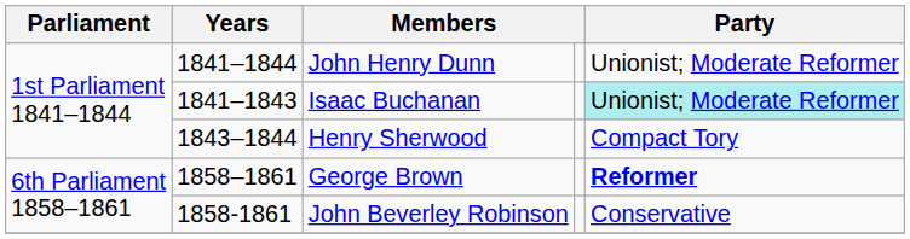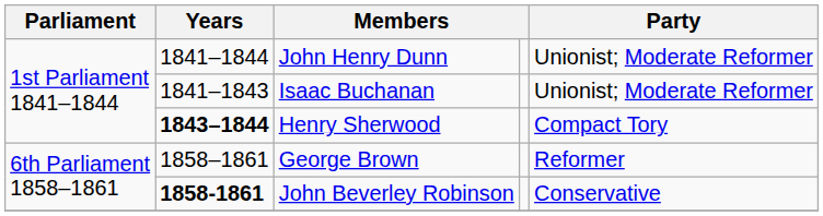 <table class="wikitable">
 <tr>
 <th>Parliament</th>
 <th>Years</th>
 <th colspan="2">Members</th>
 <th>Party</th>
 </tr>
 <tr>
 <td rowspan="3"><a href='#'>1st Parliament</a><br>1841–1844</td>
 <td>1841–1844</td>
 <td><a href='#'>John Henry Dunn</a></td>
 <td></td>
 <td>Unionist;  <a href='#'>Moderate Reformer</a></td>
 </tr>
 <tr>
 <td>1841–1843</td>
 <td><a href='#'>Isaac Buchanan</a></td>
 <td></td>
-<td style="background: paleturquoise;">Unionist;  <a href='#'>Moderate Reformer</a></td>
+<td>Unionist;  <a href='#'>Moderate Reformer</a></td>
 </tr>
 <tr>
-<td>1843–1844</td>
+<td><strong>1843–1844</strong></td>
 <td><a href='#'>Henry Sherwood</a></td>
 <td></td>
 <td><a href='#'>Compact Tory</a></td>
 </tr>
 <tr>
 <td rowspan="2"><a href='#'>6th Parliament</a><br>1858–1861</td>
 <td>1858–1861</td>
 <td><a href='#'>George Brown</a></td>
 <td></td>
-<td><strong><a href='#'>Reformer</a></strong></td>
+<td><a href='#'>Reformer</a></td>
 </tr>
 <tr>
-<td>1858-1861</td>
+<td><strong>1858-1861</strong></td>
 <td><a href='#'>John Beverley Robinson</a></td>
 <td></td>
 <td><a href='#'>Conservative</a></td>
 </tr>
 <tr>
 </tr>
 </table>
